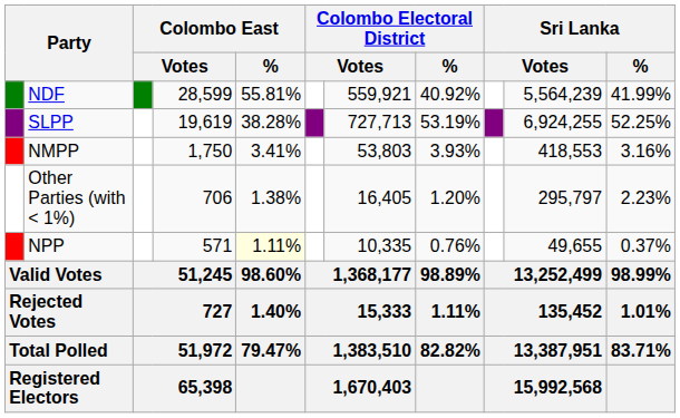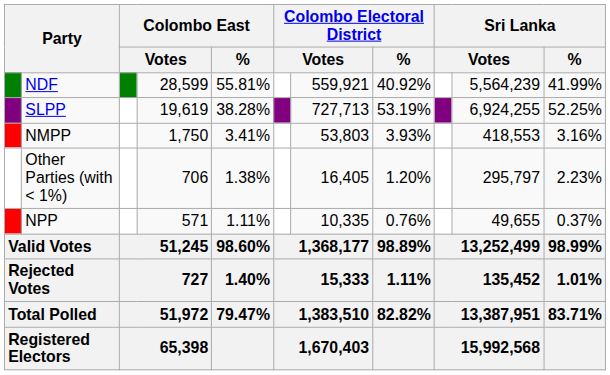 <table class="wikitable">
 <tr>
 <th colspan="2" width="144px"rowspan="2">Party</th>
 <th colspan="3" width="216px">Colombo East</th>
 <th colspan="3" width="216px"><a href='#'>Colombo Electoral District</a></th>
 <th colspan="3" width="216px">Sri Lanka</th>
 </tr>
 <tr>
 <th colspan="2" width="144px">Votes</th>
 <th>%</th>
 <th colspan="2" width="144px">Votes</th>
 <th>%</th>
 <th colspan="2" width="144px">Votes</th>
 <th>%</th>
 </tr>
 <tr>
 <td style="background-color:green;" width="10px"></td>
 <td style="text-align:left;"><a href='#'>NDF</a></td>
 <td style="background-color:green;" width="10px"></td>
 <td style="text-align:right;">28,599</td>
 <td style="text-align:right;">55.81%</td>
 <td style="background-color:white;" width="10px"></td>
 <td style="text-align:right;">559,921</td>
 <td style="text-align:right;">40.92%</td>
 <td style="background-color:white;" width="10px"></td>
 <td style="text-align:right;">5,564,239</td>
 <td style="text-align:right;">41.99%</td>
 </tr>
 <tr>
 <td style="background-color:purple;" width="10px"></td>
 <td style="text-align:left;"><a href='#'>SLPP</a></td>
 <td style="background-color:white;" width="10px"></td>
 <td style="text-align:right;">19,619</td>
 <td style="text-align:right;">38.28%</td>
 <td style="background-color:purple;" width="10px"></td>
 <td style="text-align:right;">727,713</td>
 <td style="text-align:right;">53.19%</td>
 <td style="background-color:purple;" width="10px"></td>
 <td style="text-align:right;">6,924,255</td>
 <td style="text-align:right;">52.25%</td>
 </tr>
 <tr>
 <td style="background-color:red;" width="10px"></td>
 <td style="text-align:left;">NMPP</td>
 <td style="background-color:white;" width="10px"></td>
 <td style="text-align:right;">1,750</td>
 <td style="text-align:right;">3.41%</td>
 <td style="background-color:white;" width="10px"></td>
 <td style="text-align:right;">53,803</td>
 <td style="text-align:right;">3.93%</td>
 <td style="background-color:white;" width="10px"></td>
 <td style="text-align:right;">418,553</td>
 <td style="text-align:right;">3.16%</td>
 </tr>
 <tr>
 <td style="background-color:white;" width="10px"></td>
 <td style="text-align:left;">Other Parties (with < 1%)</td>
 <td style="background-color:white;" width="10px"></td>
 <td style="text-align:right;">706</td>
 <td style="text-align:right;">1.38%</td>
 <td style="background-color:white;" width="10px"></td>
 <td style="text-align:right;">16,405</td>
 <td style="text-align:right;">1.20%</td>
 <td style="background-color:white;" width="10px"></td>
 <td style="text-align:right;">295,797</td>
 <td style="text-align:right;">2.23%</td>
 </tr>
 <tr>
 <td style="background-color:red;" width="10px"></td>
 <td style="text-align:left;">NPP</td>
 <td style="background-color:white;" width="10px"></td>
 <td style="text-align:right;">571</td>
-<td style="background: lightyellow; text-align:right;">1.11%</td>
+<td style="text-align:right;">1.11%</td>
 <td style="background-color:white;" width="10px"></td>
 <td style="text-align:right;">10,335</td>
 <td style="text-align:right;">0.76%</td>
 <td style="background-color:white;" width="10px"></td>
 <td style="text-align:right;">49,655</td>
 <td style="text-align:right;">0.37%</td>
 </tr>
 <tr>
 <th colspan="2" width="144px"style="text-align:left;">Valid Votes</th>
 <th style="text-align:right;"colspan="2" width="144px">51,245</th>
 <th style="text-align:right;">98.60%</th>
 <th style="text-align:right;"colspan="2" width="144px">1,368,177</th>
 <th style="text-align:right;">98.89%</th>
 <th style="text-align:right;"colspan="2" width="144px">13,252,499</th>
 <th style="text-align:right;">98.99%</th>
 </tr>
 <tr>
 <th colspan="2" width="144px"style="text-align:left;">Rejected Votes</th>
 <th style="text-align:right;"colspan="2" width="144px">727</th>
 <th style="text-align:right;">1.40%</th>
 <th style="text-align:right;"colspan="2" width="144px">15,333</th>
 <th style="text-align:right;">1.11%</th>
 <th style="text-align:right;"colspan="2" width="144px">135,452</th>
 <th style="text-align:right;">1.01%</th>
 </tr>
 <tr>
 <th colspan="2" width="144px"style="text-align:left;">Total Polled</th>
 <th style="text-align:right;"colspan="2" width="144px">51,972</th>
 <th style="text-align:right;">79.47%</th>
 <th style="text-align:right;"colspan="2" width="144px">1,383,510</th>
 <th style="text-align:right;">82.82%</th>
 <th style="text-align:right;"colspan="2" width="144px">13,387,951</th>
 <th style="text-align:right;">83.71%</th>
 </tr>
 <tr>
 <th colspan="2" width="144px"style="text-align:left;">Registered Electors</th>
 <th style="text-align:right;"colspan="2" width="144px">65,398</th>
 <th></th>
 <th style="text-align:right;"colspan="2" width="144px">1,670,403</th>
 <th></th>
 <th style="text-align:right;"colspan="2" width="144px">15,992,568</th>
 <th></th>
 </tr>
 </table>
